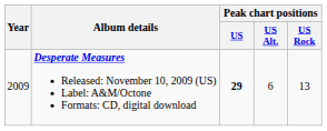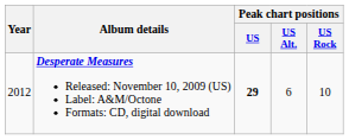 <table class="wikitable plainrowheaders" style="text-align:center;">
 <tr>
 <th scope="col" rowspan="2" style="width:30px;">Year</th>
 <th scope="col" rowspan="2" style="width:270px;">Album details</th>
 <th scope="col" colspan="3">Peak chart positions</th>
 </tr>
 <tr>
 <th scope="col" style="width:3em;font-size:90%;"><a href='#'>US</a><br></th>
 <th scope="col" style="width:3em;font-size:90%;"><a href='#'>US<br>Alt.</a><br></th>
 <th scope="col" style="width:3em;font-size:90%;"><a href='#'>US<br>Rock</a><br></th>
 </tr>
 <tr>
-<td scope="row">2009</td>
+<td scope="row">2012</td>
 <td style="text-align:left;"><strong><em><a href='#'>Desperate Measures</a></em></strong><br><ul><li>Released: November 10, 2009 <span>(US)</span></li><li>Label: A&M/Octone</li><li>Formats: CD, digital download</li></ul></td>
 <td><strong>29</strong></td>
 <td>6</td>
-<td>13</td>
+<td>10</td>
 </tr>
 </table>
